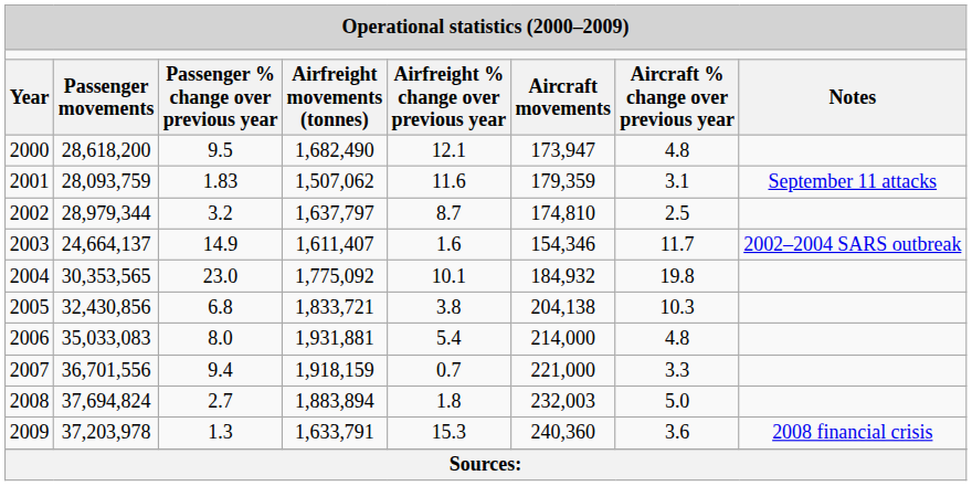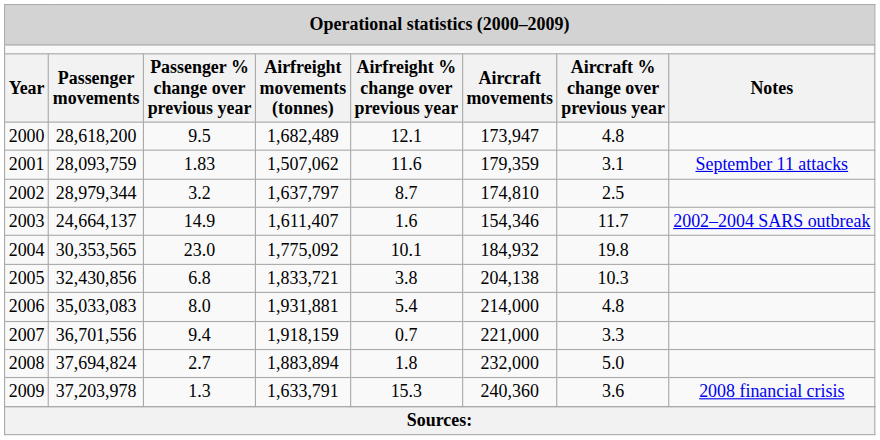 <table class="wikitable" style="text-align:center;">
 <tr>
 <th colspan="8" style="background:lightgrey; colour:black; line-height:180%;">Operational statistics (2000–2009)</th>
 </tr>
 <tr>
 <td style="text-align:center;" colspan="8"></td>
 </tr>
 <tr style="background:lightgrey;">
 <th>Year</th>
 <th>Passenger<br>movements</th>
 <th>Passenger %<br>change over<br>previous year</th>
 <th>Airfreight<br>movements<br>(tonnes)</th>
 <th>Airfreight %<br>change over<br>previous year</th>
 <th>Aircraft<br>movements</th>
 <th>Aircraft %<br>change over<br>previous year</th>
 <th>Notes</th>
 </tr>
 <tr>
 <td>2000</td>
 <td>28,618,200</td>
 <td> 9.5</td>
-<td>1,682,490</td>
+<td>1,682,489</td>
 <td> 12.1</td>
 <td>173,947</td>
 <td> 4.8</td>
 <td></td>
 </tr>
 <tr>
 <td>2001</td>
 <td>28,093,759</td>
 <td> 1.83</td>
 <td>1,507,062</td>
 <td> 11.6</td>
 <td>179,359</td>
 <td> 3.1</td>
 <td><a href='#'>September 11 attacks</a></td>
 </tr>
 <tr>
 <td>2002</td>
 <td>28,979,344</td>
 <td> 3.2</td>
 <td>1,637,797</td>
 <td> 8.7</td>
 <td>174,810</td>
 <td> 2.5</td>
 <td></td>
 </tr>
 <tr>
 <td>2003</td>
 <td>24,664,137</td>
 <td> 14.9</td>
 <td>1,611,407</td>
 <td> 1.6</td>
 <td>154,346</td>
 <td> 11.7</td>
 <td><a href='#'>2002–2004 SARS outbreak</a></td>
 </tr>
 <tr>
 <td>2004</td>
 <td>30,353,565</td>
 <td> 23.0</td>
 <td>1,775,092</td>
 <td> 10.1</td>
 <td>184,932</td>
 <td> 19.8</td>
 <td></td>
 </tr>
 <tr>
 <td>2005</td>
 <td>32,430,856</td>
 <td> 6.8</td>
 <td>1,833,721</td>
 <td> 3.8</td>
 <td>204,138</td>
 <td> 10.3</td>
 <td></td>
 </tr>
 <tr>
 <td>2006</td>
 <td>35,033,083</td>
 <td> 8.0</td>
 <td>1,931,881</td>
 <td> 5.4</td>
 <td>214,000</td>
 <td> 4.8</td>
 <td></td>
 </tr>
 <tr>
 <td>2007</td>
 <td>36,701,556</td>
 <td> 9.4</td>
 <td>1,918,159</td>
 <td> 0.7</td>
 <td>221,000</td>
 <td> 3.3</td>
 <td></td>
 </tr>
 <tr>
 <td>2008</td>
 <td>37,694,824</td>
 <td> 2.7</td>
 <td>1,883,894</td>
 <td> 1.8</td>
-<td>232,003</td>
+<td>232,000</td>
 <td> 5.0</td>
 <td></td>
 </tr>
 <tr>
 <td>2009</td>
 <td>37,203,978</td>
 <td> 1.3</td>
 <td>1,633,791</td>
 <td> 15.3</td>
 <td>240,360</td>
 <td> 3.6</td>
 <td><a href='#'>2008 financial crisis</a></td>
 </tr>
 <tr>
 </tr>
 <tr>
 <th colspan="11">Sources:</th>
 </tr>
 </table>
